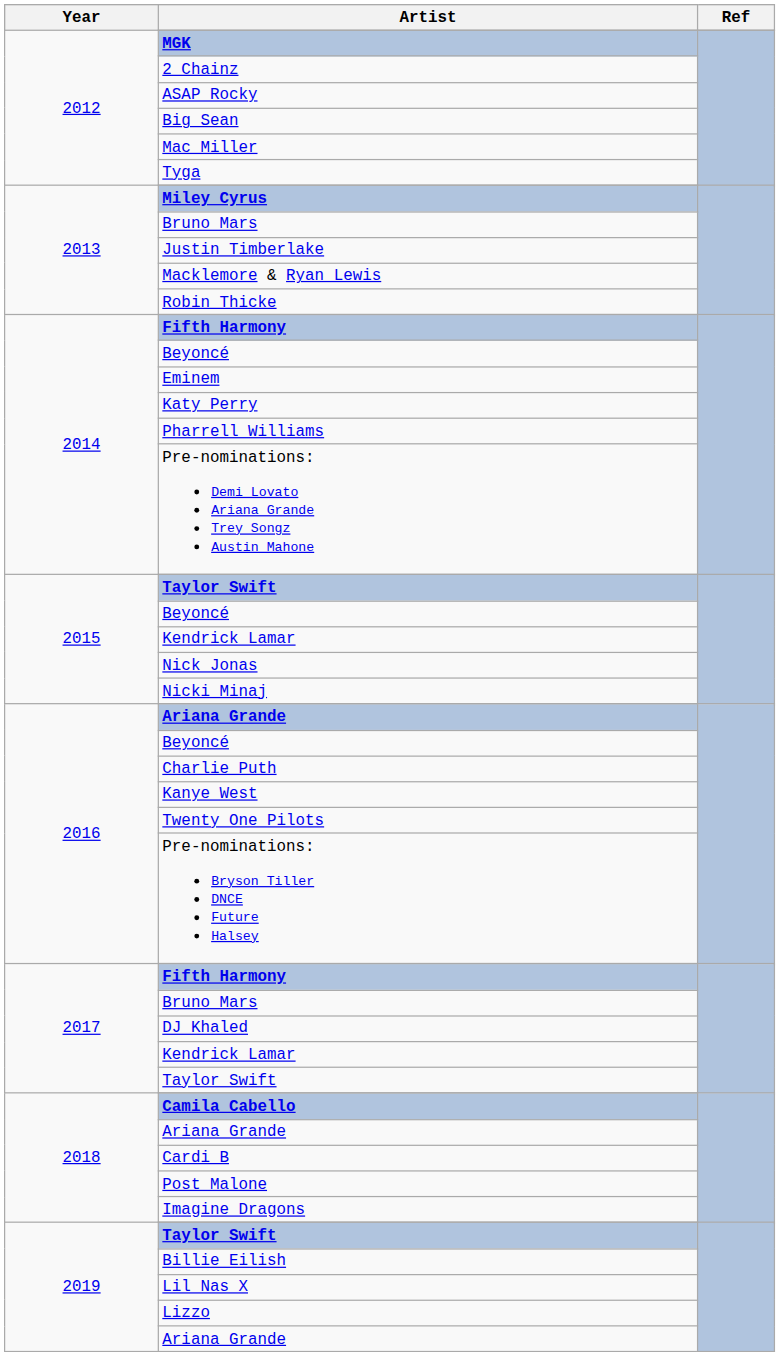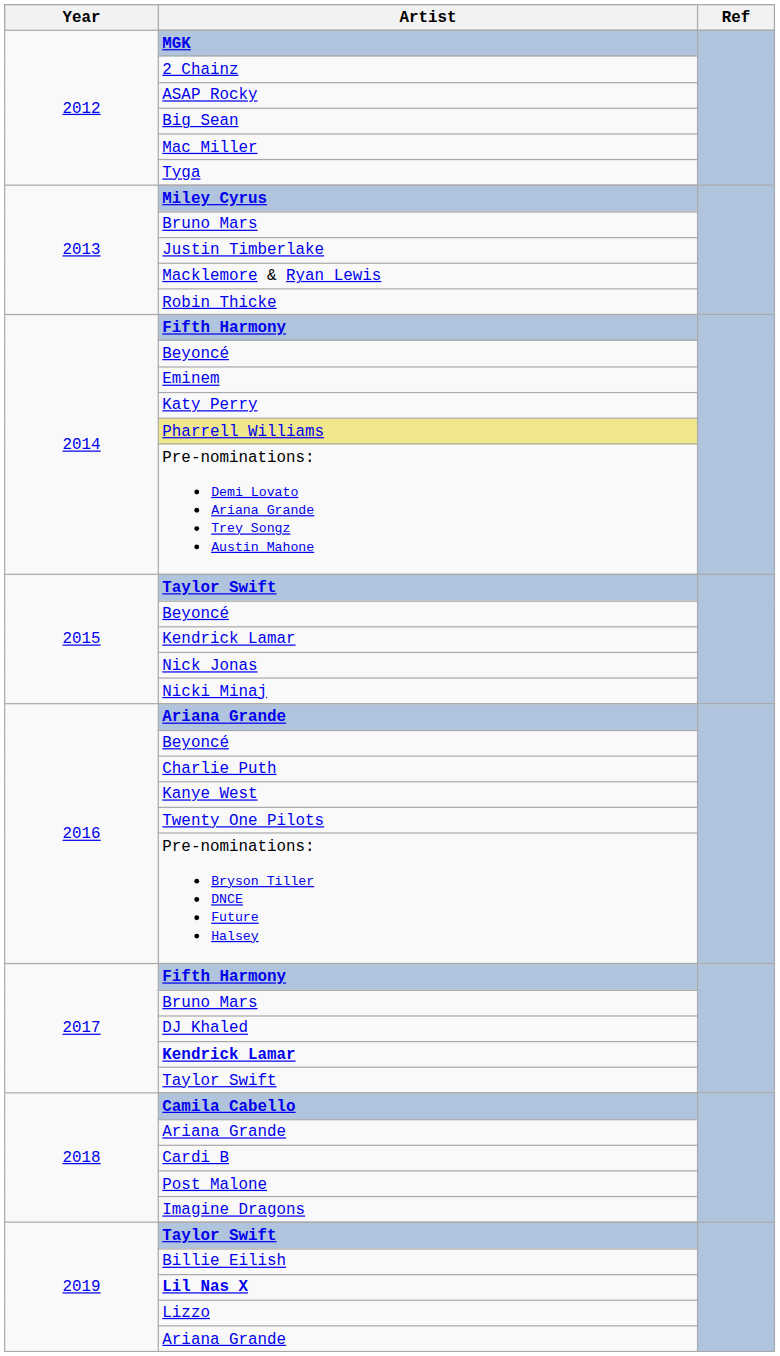 <table class="wikitable" style="width:50%;">
 <tr style="background:#bebebe;">
 <th style="width:10%;">Year</th>
 <th style="width:35%;">Artist</th>
 <th style="width:5%;">Ref</th>
 </tr>
 <tr>
 <td rowspan="7" align="center"><a href='#'>2012</a></td>
 </tr>
 <tr style="background:#B0C4DE">
 <td><strong><a href='#'>MGK</a></strong></td>
 <td rowspan="7" align="center"></td>
 </tr>
 <tr>
 <td><a href='#'>2 Chainz</a></td>
 </tr>
 <tr>
 <td><a href='#'>ASAP Rocky</a></td>
 </tr>
 <tr>
 <td><a href='#'>Big Sean</a></td>
 </tr>
 <tr>
 <td><a href='#'>Mac Miller</a></td>
 </tr>
 <tr>
 <td><a href='#'>Tyga</a></td>
 </tr>
 <tr>
 <td rowspan="6" align="center"><a href='#'>2013</a></td>
 </tr>
 <tr style="background:#B0C4DE">
 <td><strong><a href='#'>Miley Cyrus</a></strong></td>
 <td rowspan="6" align="center"></td>
 </tr>
 <tr>
 <td><a href='#'>Bruno Mars</a></td>
 </tr>
 <tr>
 <td><a href='#'>Justin Timberlake</a></td>
 </tr>
 <tr>
 <td><a href='#'>Macklemore</a> & <a href='#'>Ryan Lewis</a></td>
 </tr>
 <tr>
 <td><a href='#'>Robin Thicke</a></td>
 </tr>
 <tr>
 <td rowspan="7" align="center"><a href='#'>2014</a></td>
 </tr>
 <tr style="background:#B0C4DE">
 <td><strong><a href='#'>Fifth Harmony</a></strong></td>
 <td rowspan="7" align="center"></td>
 </tr>
 <tr>
 <td><a href='#'>Beyoncé</a></td>
 </tr>
 <tr>
 <td><a href='#'>Eminem</a></td>
 </tr>
 <tr>
 <td><a href='#'>Katy Perry</a></td>
 </tr>
 <tr>
-<td><a href='#'>Pharrell Williams</a></td>
+<td style="background: khaki;"><a href='#'>Pharrell Williams</a></td>
 </tr>
 <tr>
 <td>Pre-nominations:<br><ul><li><small><a href='#'>Demi Lovato</a></small></li><li><small><a href='#'>Ariana Grande</a></small></li><li><small><a href='#'>Trey Songz</a></small></li><li><small><a href='#'>Austin Mahone</a></small></li></ul></td>
 </tr>
 <tr>
 <td rowspan="6" align="center"><a href='#'>2015</a></td>
 </tr>
 <tr style="background:#B0C4DE">
 <td><strong><a href='#'>Taylor Swift</a></strong></td>
 <td rowspan="6" align="center"></td>
 </tr>
 <tr>
 <td><a href='#'>Beyoncé</a></td>
 </tr>
 <tr>
 <td><a href='#'>Kendrick Lamar</a></td>
 </tr>
 <tr>
 <td><a href='#'>Nick Jonas</a></td>
 </tr>
 <tr>
 <td><a href='#'>Nicki Minaj</a></td>
 </tr>
 <tr>
 <td rowspan="7" align="center"><a href='#'>2016</a></td>
 </tr>
 <tr style="background:#B0C4DE">
 <td><strong><a href='#'>Ariana Grande</a></strong></td>
 <td rowspan="7" align="center"></td>
 </tr>
 <tr>
 <td><a href='#'>Beyoncé</a></td>
 </tr>
 <tr>
 <td><a href='#'>Charlie Puth</a></td>
 </tr>
 <tr>
 <td><a href='#'>Kanye West</a></td>
 </tr>
 <tr>
 <td><a href='#'>Twenty One Pilots</a></td>
 </tr>
 <tr>
 <td>Pre-nominations:<br><ul><li><small><a href='#'>Bryson Tiller</a></small></li><li><small><a href='#'>DNCE</a></small></li><li><small><a href='#'>Future</a></small></li><li><small><a href='#'>Halsey</a></small></li></ul></td>
 </tr>
 <tr>
 <td rowspan="6" align="center"><a href='#'>2017</a></td>
 </tr>
 <tr style="background:#B0C4DE">
 <td><strong><a href='#'>Fifth Harmony</a></strong></td>
 <td rowspan="6" align="center"></td>
 </tr>
 <tr>
 <td><a href='#'>Bruno Mars</a></td>
 </tr>
 <tr>
 <td><a href='#'>DJ Khaled</a></td>
 </tr>
 <tr>
-<td><a href='#'>Kendrick Lamar</a></td>
+<td><strong><a href='#'>Kendrick Lamar</a></strong></td>
 </tr>
 <tr>
 <td><a href='#'>Taylor Swift</a></td>
 </tr>
 <tr>
 <td rowspan="6" align="center"><a href='#'>2018</a></td>
 </tr>
 <tr style="background:#B0C4DE">
 <td><strong><a href='#'>Camila Cabello</a></strong></td>
 <td rowspan="6" align="center"></td>
 </tr>
 <tr>
 <td><a href='#'>Ariana Grande</a></td>
 </tr>
 <tr>
 <td><a href='#'>Cardi B</a></td>
 </tr>
 <tr>
 <td><a href='#'>Post Malone</a></td>
 </tr>
 <tr>
 <td><a href='#'>Imagine Dragons</a></td>
 </tr>
 <tr>
 <td rowspan="6" align="center"><a href='#'>2019</a></td>
 </tr>
 <tr style="background:#B0C4DE">
 <td><strong><a href='#'>Taylor Swift</a></strong></td>
 <td rowspan="6" align="center"></td>
 </tr>
 <tr>
 <td><a href='#'>Billie Eilish</a></td>
 </tr>
 <tr>
-<td><a href='#'>Lil Nas X</a></td>
+<td><strong><a href='#'>Lil Nas X</a></strong></td>
 </tr>
 <tr>
 <td><a href='#'>Lizzo</a></td>
 </tr>
 <tr>
 <td><a href='#'>Ariana Grande</a></td>
 </tr>
 </table>
